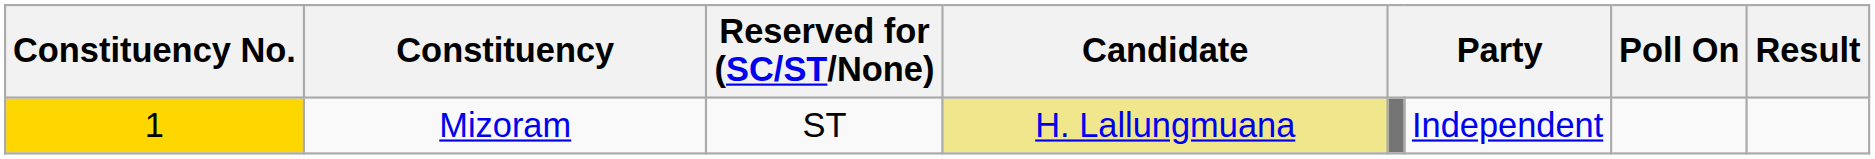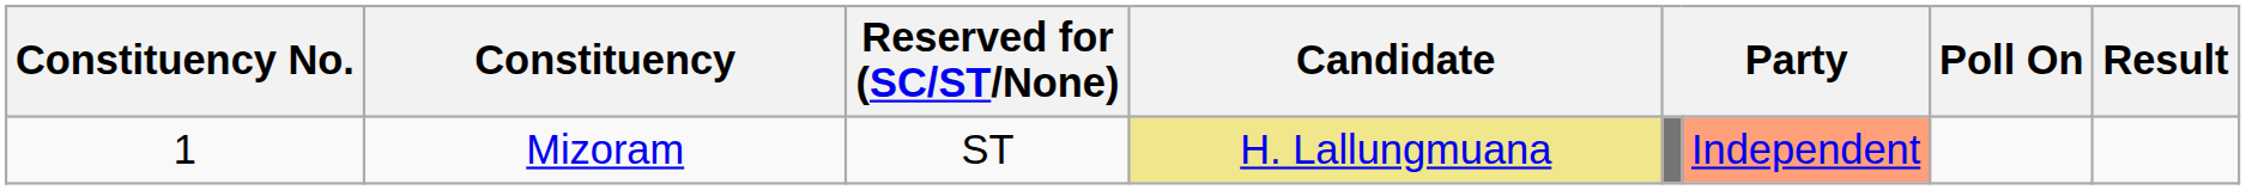 <table class="wikitable sortable" style="text-align:center">
 <tr>
 <th>Constituency No.</th>
 <th style="width:180px;">Constituency</th>
 <th>Reserved for<br>(<a href='#'>SC/ST</a>/None)</th>
 <th style="width:200px;">Candidate</th>
 <th colspan="2">Party</th>
 <th>Poll On</th>
 <th>Result</th>
 </tr>
 <tr>
-<td style="background: gold; text-align:center;">1</td>
+<td style="text-align:center;">1</td>
 <td><a href='#'>Mizoram</a></td>
 <td>ST</td>
 <td style="background: khaki;"><a href='#'>H. Lallungmuana</a></td>
 <td bgcolor=#757575></td>
-<td><a href='#'>Independent</a></td>
+<td style="background: lightsalmon;"><a href='#'>Independent</a></td>
 <td></td>
 <td></td>
 </tr>
 </table>
